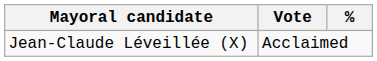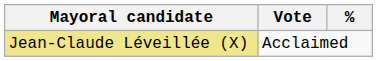 <table class="wikitable">
 <tr>
 <th bgcolor="#DDDDFF" width="200px">Mayoral candidate</th>
 <th bgcolor="#DDDDFF" width="50px">Vote</th>
 <th bgcolor="#DDDDFF" width="30px">%</th>
 </tr>
 <tr>
-<td>Jean-Claude Léveillée  (X)</td>
+<td style="background: khaki;">Jean-Claude Léveillée  (X)</td>
 <td colspan="2">Acclaimed</td>
 </tr>
 </table>
